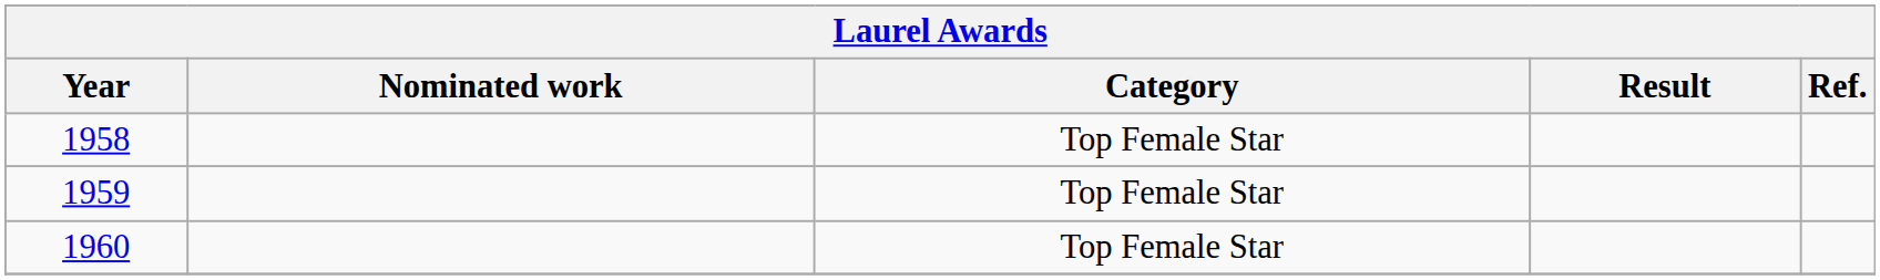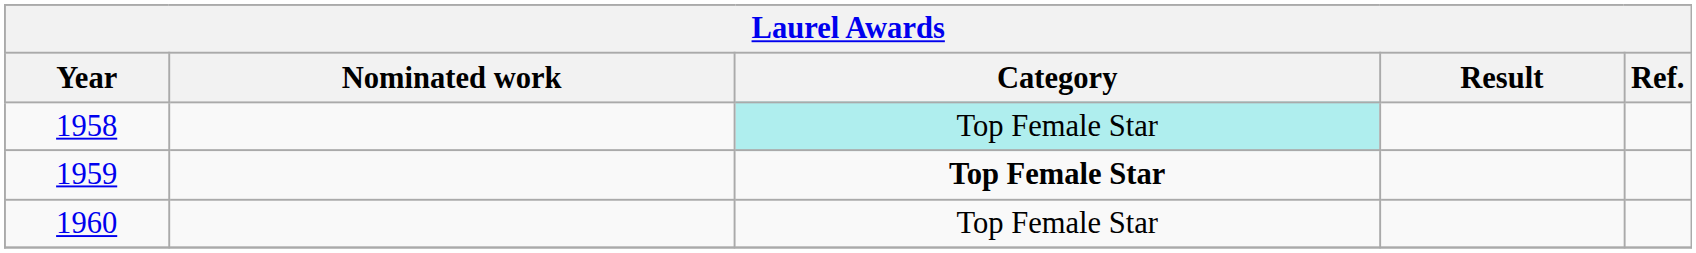 <table width="100%" class="wikitable">
 <tr>
 <th colspan="5" align="center"><a href='#'>Laurel Awards</a></th>
 </tr>
 <tr>
 <th width="10%">Year</th>
 <th width="35%">Nominated work</th>
 <th width="40%">Category</th>
 <th width="15%">Result</th>
 <th>Ref.</th>
 </tr>
 <tr>
 <td style="text-align:center;"><a href='#'>1958</a></td>
 <td></td>
-<td style="text-align:center;">Top Female Star</td>
+<td style="background: paleturquoise; text-align:center;">Top Female Star</td>
 <td></td>
 <td style="text-align:center"></td>
 </tr>
 <tr>
 <td style="text-align:center;"><a href='#'>1959</a></td>
 <td></td>
-<td style="text-align:center;">Top Female Star</td>
+<td style="text-align:center;"><strong>Top Female Star</strong></td>
 <td></td>
 <td style="text-align:center"></td>
 </tr>
 <tr>
 <td style="text-align:center;"><a href='#'>1960</a></td>
 <td></td>
 <td style="text-align:center;">Top Female Star</td>
 <td></td>
 <td style="text-align:center"></td>
 </tr>
 <tr>
 </tr>
 </table>
